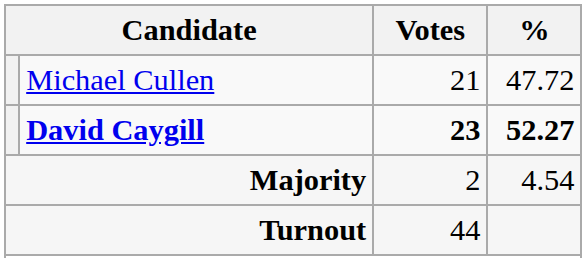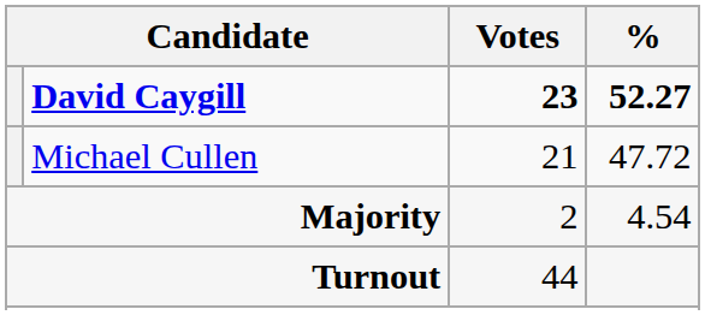 <table class="wikitable" style="font-size: 95%;">
 <tr style="background-color:#E9E9E9">
 <th colspan="2" style="width: 170px">Candidate</th>
 <th style="width: 50px">Votes</th>
 <th style="width: 40px">%</th>
 </tr>
 <tr>
 </tr>
 <tr>
 <th style="background-color: "></th>
+<td style="width: 170px"><strong><a href='#'>David Caygill</a></strong></td>
+<td align="right"><strong>23</strong></td>
+<td align="right"><strong>52.27</strong></td>
+</tr>
+<tr>
+<th style="background-color: "></th>
 <td style="width: 170px"><a href='#'>Michael Cullen</a></td>
 <td align="right">21</td>
 <td align="right">47.72</td>
-</tr>
-<tr>
-<th style="background-color: "></th>
-<td style="width: 170px"><strong><a href='#'>David Caygill</a></strong></td>
-<td align="right"><strong>23</strong></td>
-<td align="right"><strong>52.27</strong></td>
 </tr>
 <tr style="background-color:#F6F6F6">
 <td colspan="2" align="right"><strong>Majority</strong></td>
 <td align="right">2</td>
 <td align="right">4.54</td>
 </tr>
 <tr>
 </tr>
 <tr style="background-color:#F6F6F6">
 <td colspan="2" align="right"><strong>Turnout</strong></td>
 <td align="right">44</td>
 <td></td>
 </tr>
 <tr>
 </tr>
 <tr style="background-color:#F6F6F6">
 </tr>
 </table>
